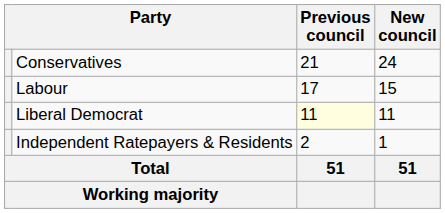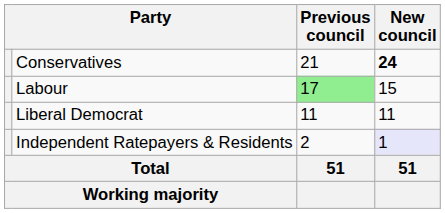 <table class="wikitable">
 <tr>
 <th valign=top colspan="2" style="width: 230px">Party</th>
 <th valign=top style="width: 30px">Previous council</th>
 <th valign=top style="width: 30px">New council</th>
 </tr>
 <tr>
 <th style="background-color: "></th>
 <td>Conservatives</td>
 <td>21</td>
-<td>24</td>
+<td><strong>24</strong></td>
 </tr>
 <tr>
 <th style="background-color: "></th>
 <td>Labour</td>
-<td>17</td>
+<td style="background: lightgreen;">17</td>
 <td>15</td>
 </tr>
 <tr>
 <th style="background-color: "></th>
 <td>Liberal Democrat</td>
-<td style="background: lightyellow;">11</td>
+<td>11</td>
 <td>11</td>
 </tr>
 <tr>
 <th style="background-color: "></th>
 <td>Independent Ratepayers & Residents</td>
 <td>2</td>
-<td>1</td>
+<td style="background: lavender;">1</td>
 </tr>
 <tr>
 <th colspan=2>Total</th>
 <th style="text-align: center">51</th>
 <th colspan=3>51</th>
 </tr>
 <tr>
 <th colspan=2>Working majority</th>
 <th></th>
 <th></th>
 </tr>
 </table>
